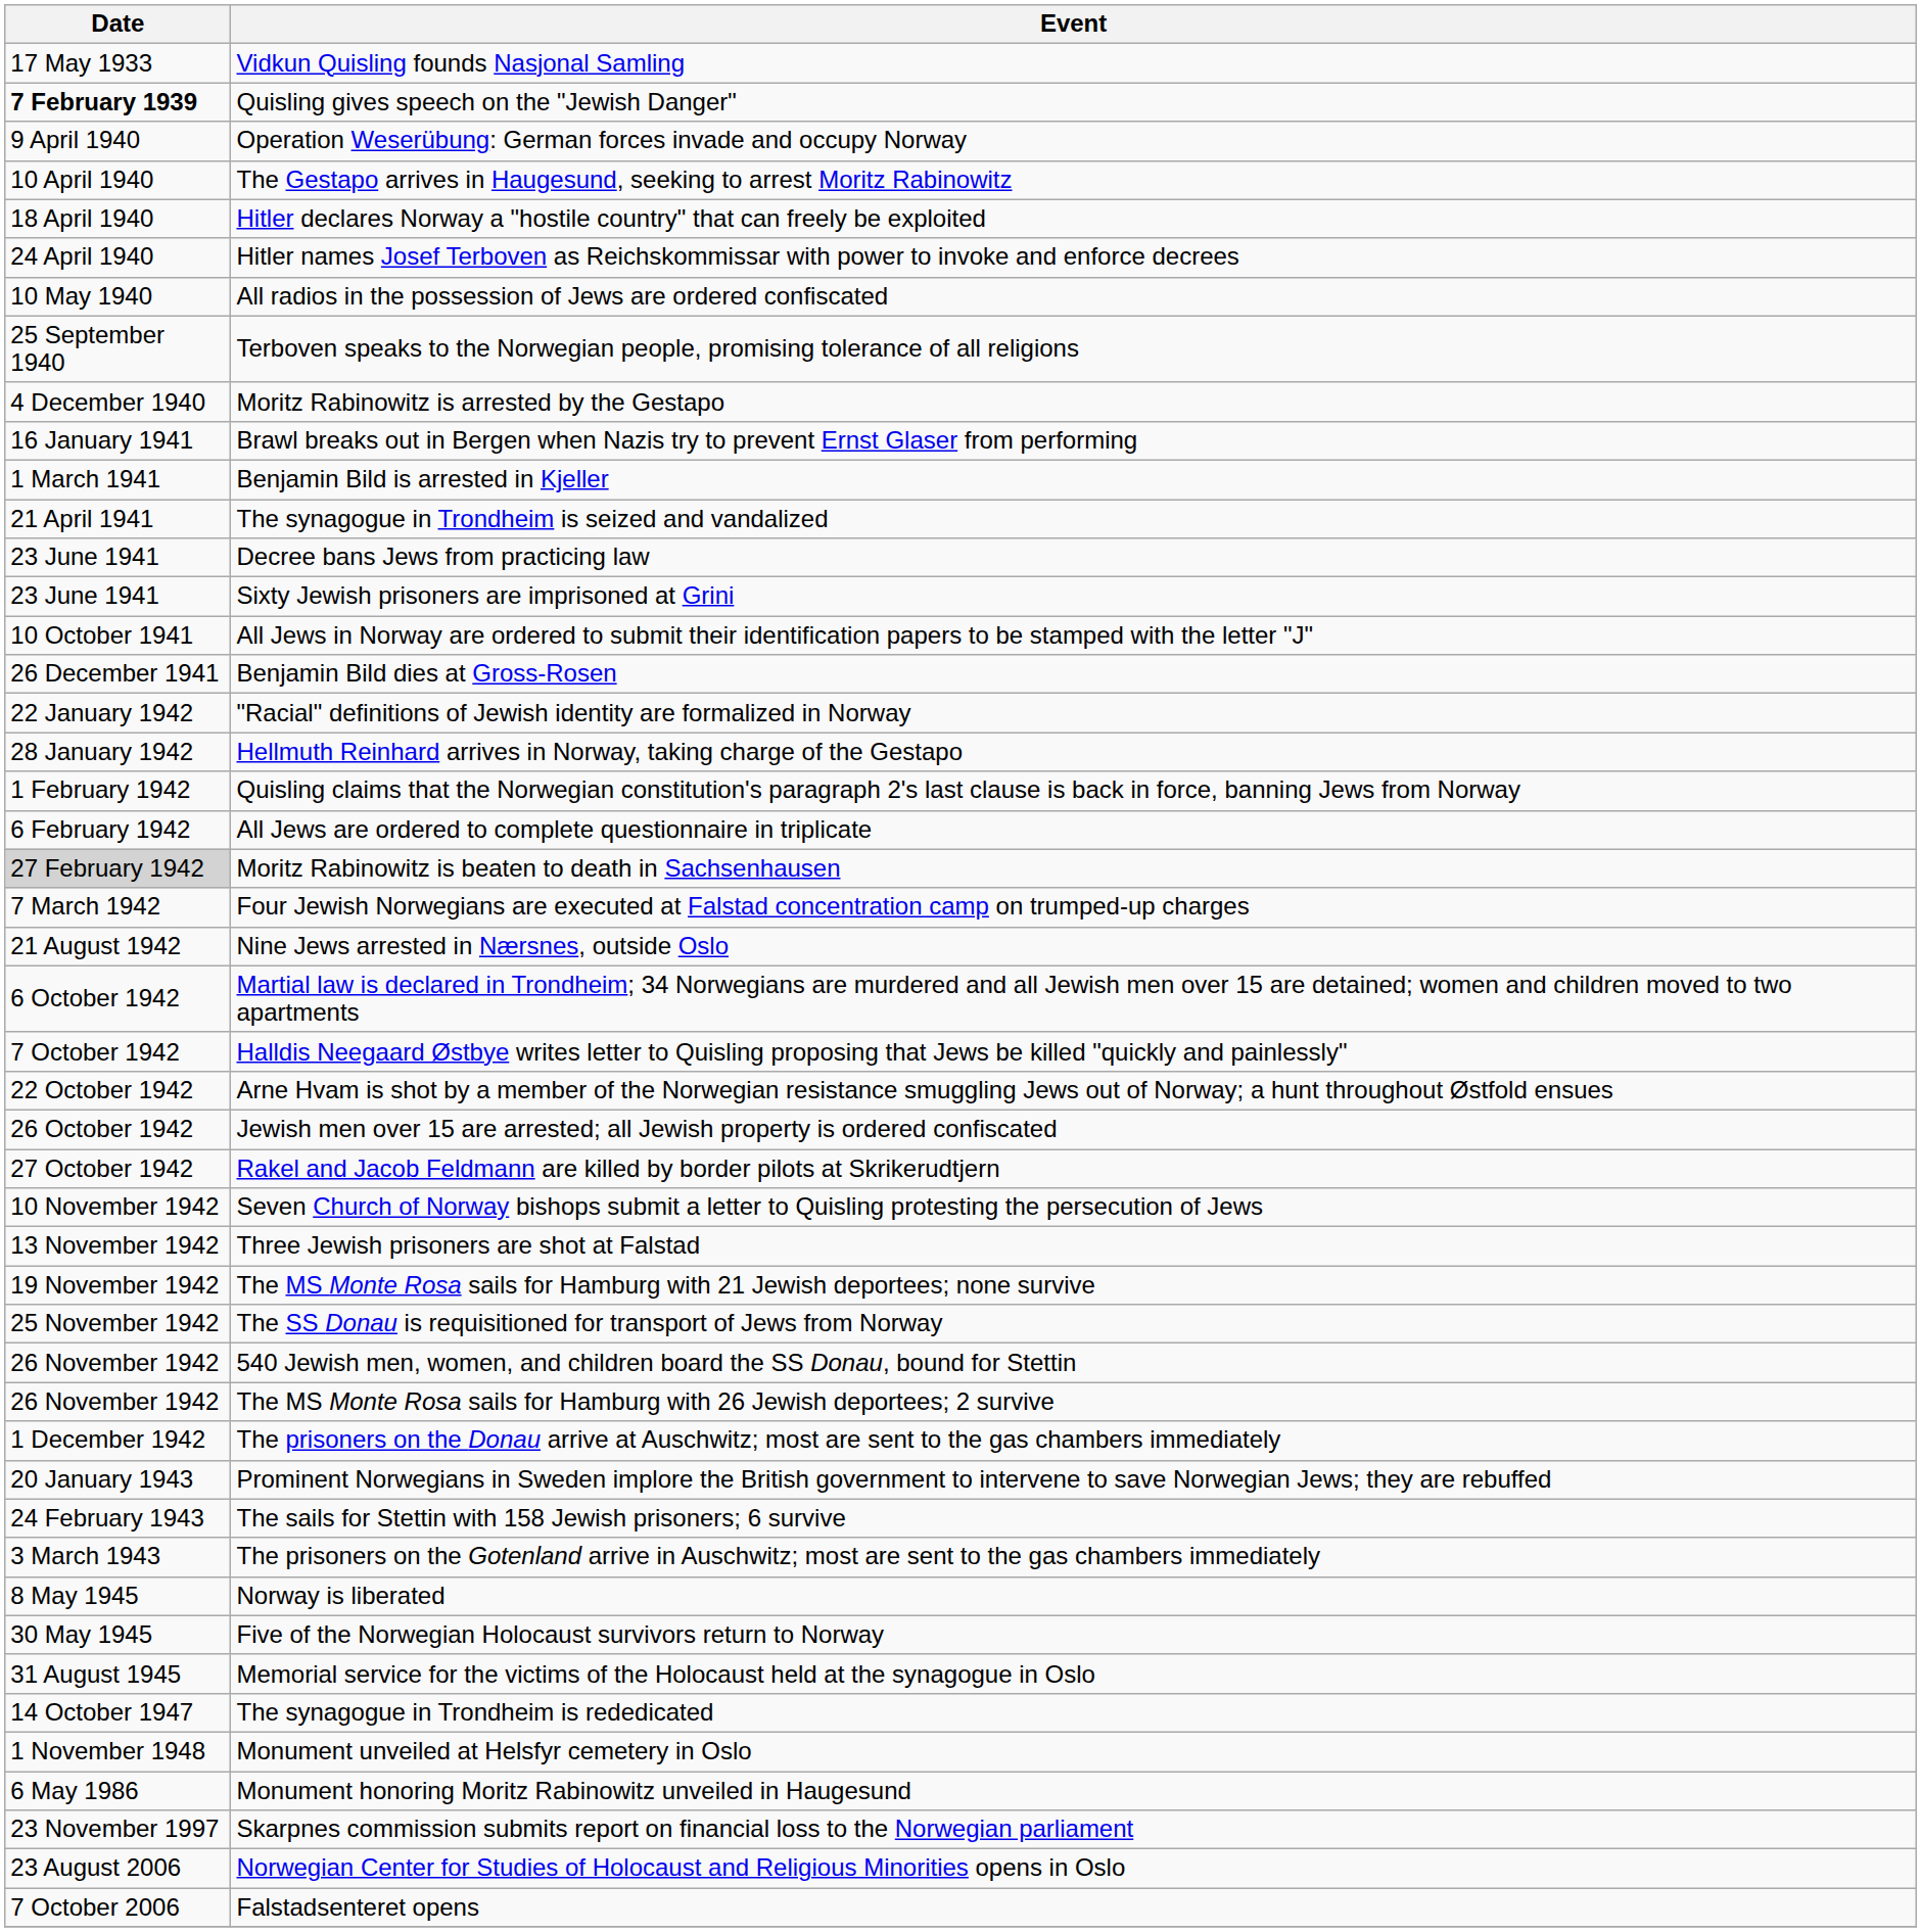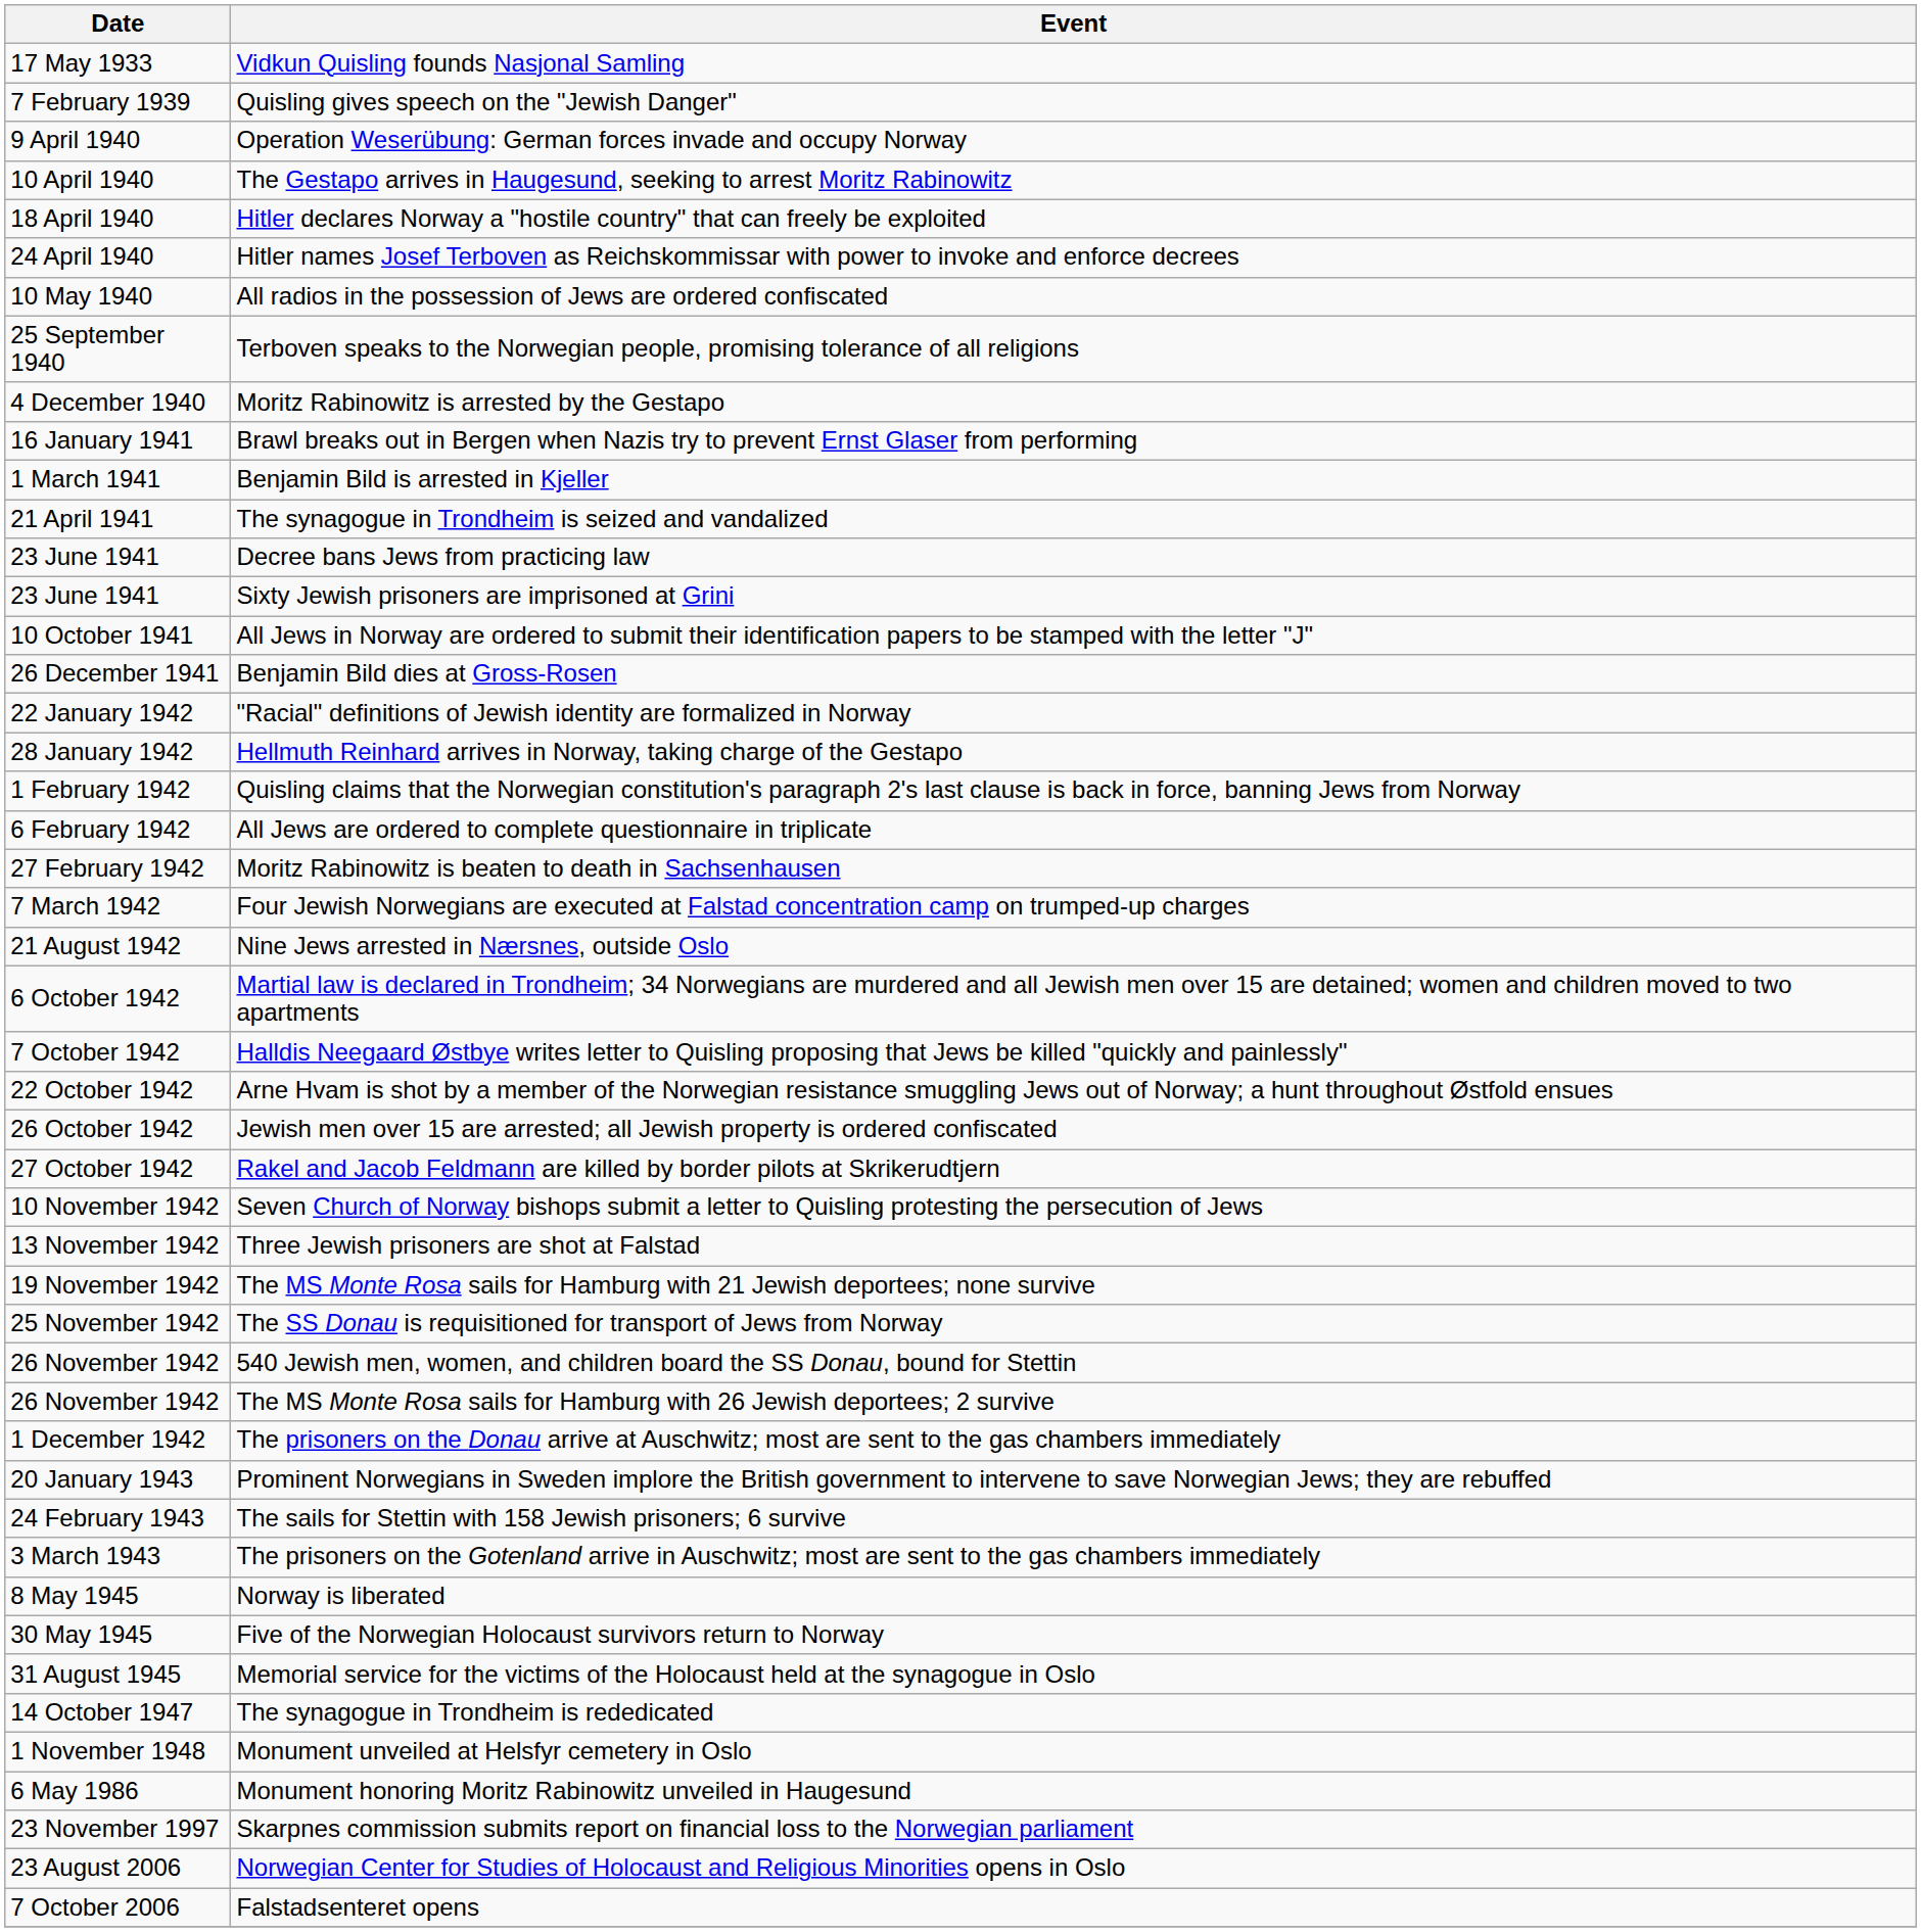 <table class="wikitable">
 <tr>
 <th>Date</th>
 <th>Event</th>
 </tr>
 <tr --->
 <td>17 May 1933</td>
 <td><a href='#'>Vidkun Quisling</a> founds <a href='#'>Nasjonal Samling</a></td>
 </tr>
 <tr --->
-<td><strong>7 February 1939</strong></td>
+<td>7 February 1939</td>
 <td>Quisling gives speech on the "Jewish Danger"</td>
 </tr>
 <tr --->
 <td>9 April 1940</td>
 <td>Operation <a href='#'>Weserübung</a>: German forces invade and occupy Norway</td>
 </tr>
 <tr --->
 <td>10 April 1940</td>
 <td>The <a href='#'>Gestapo</a> arrives in <a href='#'>Haugesund</a>, seeking to arrest <a href='#'>Moritz Rabinowitz</a></td>
 </tr>
 <tr --->
 <td>18 April 1940</td>
 <td><a href='#'>Hitler</a> declares Norway a "hostile country" that can freely be exploited</td>
 </tr>
 <tr --->
 <td>24 April 1940</td>
 <td>Hitler names <a href='#'>Josef Terboven</a> as Reichskommissar with power to invoke and enforce decrees</td>
 </tr>
 <tr --->
 <td>10 May 1940</td>
 <td>All radios in the possession of Jews are ordered confiscated</td>
 </tr>
 <tr --->
 <td>25 September 1940</td>
 <td>Terboven speaks to the Norwegian people, promising tolerance of all religions</td>
 </tr>
 <tr --->
 <td>4 December 1940</td>
 <td>Moritz Rabinowitz is arrested by the Gestapo</td>
 </tr>
 <tr --->
 <td>16 January 1941</td>
 <td>Brawl breaks out in Bergen when Nazis try to prevent <a href='#'>Ernst Glaser</a> from performing</td>
 </tr>
 <tr --->
 <td>1 March 1941</td>
 <td>Benjamin Bild is arrested in <a href='#'>Kjeller</a></td>
 </tr>
 <tr --->
 <td>21 April 1941</td>
 <td>The synagogue in <a href='#'>Trondheim</a> is seized and vandalized</td>
 </tr>
 <tr --->
 <td>23 June 1941</td>
 <td>Decree bans Jews from practicing law</td>
 </tr>
 <tr --->
 <td>23 June 1941</td>
 <td>Sixty Jewish prisoners are imprisoned at <a href='#'>Grini</a></td>
 </tr>
 <tr --->
 <td>10 October 1941</td>
 <td>All Jews in Norway are ordered to submit their identification papers to be stamped with the letter "J"</td>
 </tr>
 <tr --->
 <td>26 December 1941</td>
 <td>Benjamin Bild dies at <a href='#'>Gross-Rosen</a></td>
 </tr>
 <tr --->
 <td>22 January 1942</td>
 <td>"Racial" definitions of Jewish identity are formalized in Norway</td>
 </tr>
 <tr --->
 <td>28 January 1942</td>
 <td><a href='#'>Hellmuth Reinhard</a> arrives in Norway, taking charge of the Gestapo</td>
 </tr>
 <tr --->
 <td>1 February 1942</td>
 <td>Quisling claims that the Norwegian constitution's paragraph 2's last clause is back in force, banning Jews from Norway</td>
 </tr>
 <tr --->
 <td>6 February 1942</td>
 <td>All Jews are ordered to complete questionnaire in triplicate</td>
 </tr>
 <tr --->
-<td style="background: lightgrey;">27 February 1942</td>
+<td>27 February 1942</td>
 <td>Moritz Rabinowitz is beaten to death in <a href='#'>Sachsenhausen</a></td>
 </tr>
 <tr --->
 <td>7 March 1942</td>
 <td>Four Jewish Norwegians are executed at <a href='#'>Falstad concentration camp</a> on trumped-up charges</td>
 </tr>
 <tr --->
 <td>21 August 1942</td>
 <td>Nine Jews arrested in <a href='#'>Nærsnes</a>, outside <a href='#'>Oslo</a></td>
 </tr>
 <tr --->
 <td>6 October 1942</td>
 <td><a href='#'>Martial law is declared in Trondheim</a>; 34 Norwegians are murdered and all Jewish men over 15 are detained; women and children moved to two apartments</td>
 </tr>
 <tr --->
 <td>7 October 1942</td>
 <td><a href='#'>Halldis Neegaard Østbye</a> writes letter to Quisling proposing that Jews be killed "quickly and painlessly"</td>
 </tr>
 <tr --->
 <td>22 October 1942</td>
 <td>Arne Hvam is shot by a member of the Norwegian resistance smuggling Jews out of Norway; a hunt throughout Østfold ensues</td>
 </tr>
 <tr --->
 <td>26 October 1942</td>
 <td>Jewish men over 15 are arrested; all Jewish property is ordered confiscated</td>
 </tr>
 <tr --->
 <td>27 October 1942</td>
 <td><a href='#'>Rakel and Jacob Feldmann</a> are killed by border pilots at Skrikerudtjern</td>
 </tr>
 <tr --->
 <td>10 November 1942</td>
 <td>Seven <a href='#'>Church of Norway</a> bishops submit a letter to Quisling protesting the persecution of Jews</td>
 </tr>
 <tr --->
 <td>13 November 1942</td>
 <td>Three Jewish prisoners are shot at Falstad</td>
 </tr>
 <tr --->
 <td>19 November 1942</td>
 <td>The <a href='#'>MS <em>Monte Rosa</em></a> sails for Hamburg with 21 Jewish deportees; none survive</td>
 </tr>
 <tr --->
 <td>25 November 1942</td>
 <td>The <a href='#'>SS <em>Donau</em></a> is requisitioned for transport of Jews from Norway</td>
 </tr>
 <tr --->
 <td>26 November 1942</td>
 <td>540 Jewish men, women, and children board the SS <em>Donau</em>, bound for Stettin</td>
 </tr>
 <tr --->
 <td>26 November 1942</td>
 <td>The MS <em>Monte Rosa</em> sails for Hamburg with 26 Jewish deportees; 2 survive</td>
 </tr>
 <tr --->
 <td>1 December 1942</td>
 <td>The <a href='#'>prisoners on the <em>Donau</em></a> arrive at Auschwitz; most are sent to the gas chambers immediately</td>
 </tr>
 <tr --->
 <td>20 January 1943</td>
 <td>Prominent Norwegians in Sweden implore the British government to intervene to save Norwegian Jews; they are rebuffed</td>
 </tr>
 <tr --->
 <td>24 February 1943</td>
 <td>The  sails for Stettin with 158 Jewish prisoners; 6 survive</td>
 </tr>
 <tr --->
 <td>3 March 1943</td>
 <td>The prisoners on the <em>Gotenland</em> arrive in Auschwitz; most are sent to the gas chambers immediately</td>
 </tr>
 <tr --->
 <td>8 May 1945</td>
 <td>Norway is liberated</td>
 </tr>
 <tr --->
 <td>30 May 1945</td>
 <td>Five of the Norwegian Holocaust survivors return to Norway</td>
 </tr>
 <tr --->
 <td>31 August 1945</td>
 <td>Memorial service for the victims of the Holocaust held at the synagogue in Oslo</td>
 </tr>
 <tr --->
 <td>14 October 1947</td>
 <td>The synagogue in Trondheim is rededicated</td>
 </tr>
 <tr --->
 <td>1 November 1948</td>
 <td>Monument unveiled at Helsfyr cemetery in Oslo</td>
 </tr>
 <tr --->
 <td>6 May 1986</td>
 <td>Monument honoring Moritz Rabinowitz unveiled in Haugesund</td>
 </tr>
 <tr --->
 <td>23 November 1997</td>
 <td>Skarpnes commission submits report on financial loss to the <a href='#'>Norwegian parliament</a></td>
 </tr>
 <tr --->
 <td>23 August 2006</td>
 <td><a href='#'>Norwegian Center for Studies of Holocaust and Religious Minorities</a> opens in Oslo</td>
 </tr>
 <tr --->
 <td>7 October 2006</td>
 <td>Falstadsenteret opens</td>
 </tr>
 <tr --->
 </tr>
 </table>
